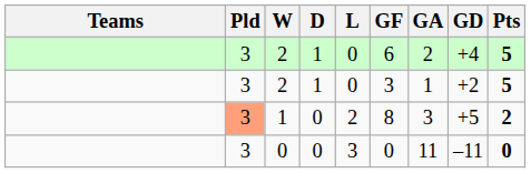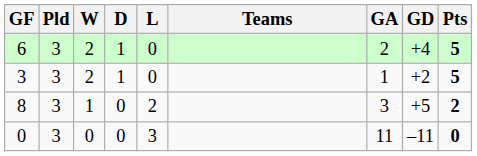 <table class="wikitable" style="text-align: center;">
 <tr>
-<th width=165>Teams</th>
+<th width=20>GF</th>
 <th width=20>Pld</th>
 <th width=20>W</th>
 <th width=20>D</th>
 <th width=20>L</th>
-<th width=20>GF</th>
+<th width=165>Teams</th>
 <th width=20>GA</th>
 <th width=20>GD</th>
 <th width=20>Pts</th>
 </tr>
 <tr align=center style="background:#ccffcc;">
-<td style="text-align:left;"></td>
+<td>6</td>
 <td>3</td>
 <td>2</td>
 <td>1</td>
 <td>0</td>
-<td>6</td>
+<td style="text-align:left;"></td>
 <td>2</td>
 <td>+4</td>
 <td><strong>5</strong></td>
 </tr>
 <tr align=center>
-<td style="text-align:left;"></td>
+<td>3</td>
 <td>3</td>
 <td>2</td>
 <td>1</td>
 <td>0</td>
-<td>3</td>
+<td style="text-align:left;"></td>
 <td>1</td>
 <td>+2</td>
 <td><strong>5</strong></td>
 </tr>
 <tr align=center>
-<td style="text-align:left;"></td>
-<td style="background: lightsalmon;">3</td>
+<td>8</td>
+<td>3</td>
 <td>1</td>
 <td>0</td>
 <td>2</td>
-<td>8</td>
+<td style="text-align:left;"></td>
 <td>3</td>
 <td>+5</td>
 <td><strong>2</strong></td>
 </tr>
 <tr align=center>
-<td style="text-align:left;"></td>
+<td>0</td>
 <td>3</td>
 <td>0</td>
 <td>0</td>
 <td>3</td>
-<td>0</td>
+<td style="text-align:left;"></td>
 <td>11</td>
 <td>–11</td>
 <td><strong>0</strong></td>
 </tr>
 </table>
